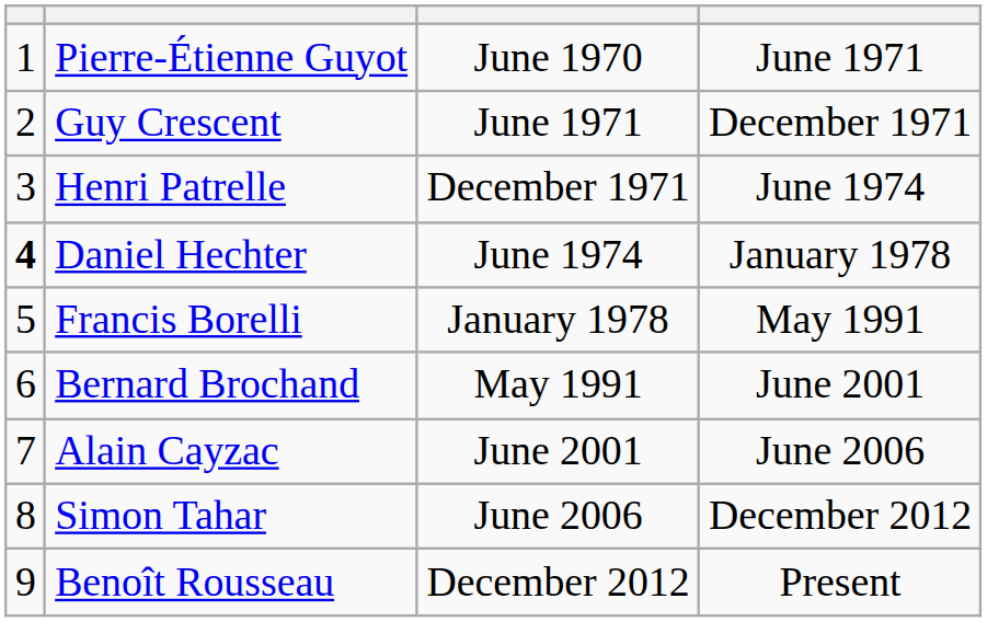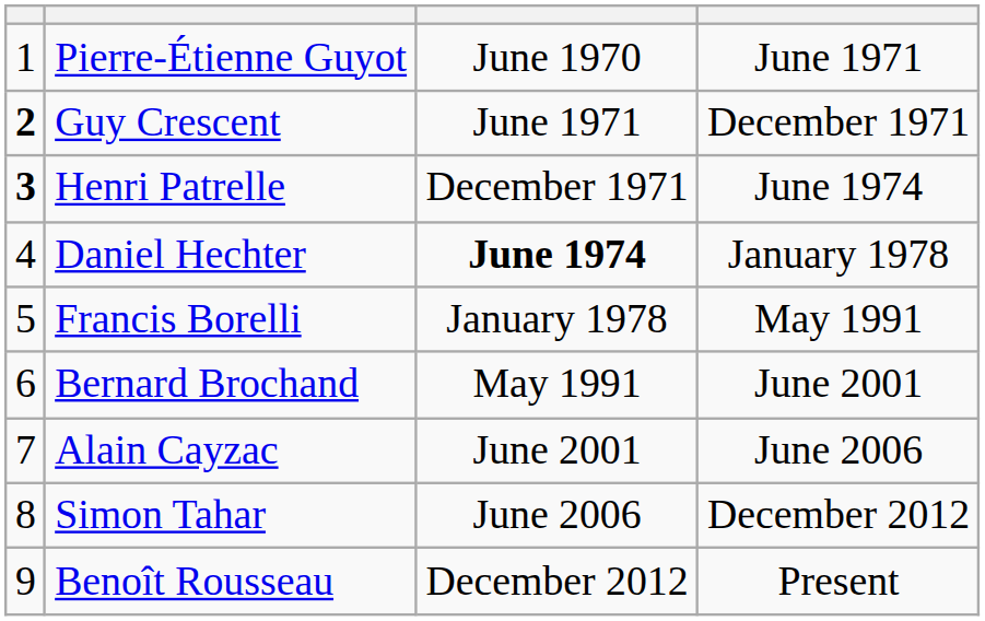 <table class="wikitable plainrowheaders sortable" style="text-align:center">
 <tr>
 <th></th>
 <th></th>
 <th></th>
 <th></th>
 </tr>
 <tr>
 <td>1</td>
 <td align="left"> <a href='#'>Pierre-Étienne Guyot</a></td>
 <td>June 1970</td>
 <td>June 1971</td>
 </tr>
 <tr>
-<td>2</td>
+<td><strong>2</strong></td>
 <td align="left"> <a href='#'>Guy Crescent</a></td>
 <td>June 1971</td>
 <td>December 1971</td>
 </tr>
 <tr>
-<td>3</td>
+<td><strong>3</strong></td>
 <td align="left"> <a href='#'>Henri Patrelle</a></td>
 <td>December 1971</td>
 <td>June 1974</td>
 </tr>
 <tr>
-<td><strong>4</strong></td>
+<td>4</td>
 <td align="left"> <a href='#'>Daniel Hechter</a></td>
-<td>June 1974</td>
+<td><strong>June 1974</strong></td>
 <td>January 1978</td>
 </tr>
 <tr>
 <td>5</td>
 <td align="left"> <a href='#'>Francis Borelli</a></td>
 <td>January 1978</td>
 <td>May 1991</td>
 </tr>
 <tr>
 <td>6</td>
 <td align="left"> <a href='#'>Bernard Brochand</a></td>
 <td>May 1991</td>
 <td>June 2001</td>
 </tr>
 <tr>
 <td>7</td>
 <td align="left"> <a href='#'>Alain Cayzac</a></td>
 <td>June 2001</td>
 <td>June 2006</td>
 </tr>
 <tr>
 <td>8</td>
 <td align="left"> <a href='#'>Simon Tahar</a></td>
 <td>June 2006</td>
 <td>December 2012</td>
 </tr>
 <tr>
 <td>9</td>
 <td align="left"> <a href='#'>Benoît Rousseau</a></td>
 <td>December 2012</td>
 <td>Present</td>
 </tr>
 </table>
